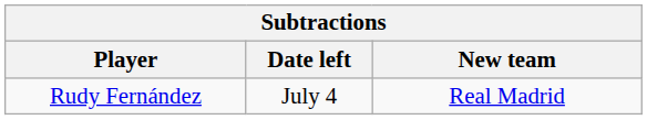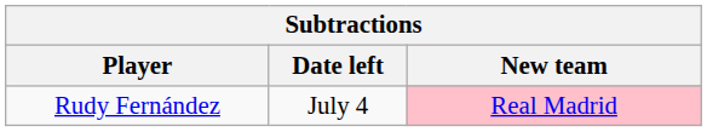 <table class="wikitable" style="text-align:center">
 <tr>
 <th colspan=3>Subtractions</th>
 </tr>
 <tr>
 <th style="width:160px">Player</th>
 <th style="width:80px">Date left</th>
 <th style="width:180px">New team</th>
 </tr>
 <tr>
 <td><a href='#'>Rudy Fernández</a></td>
 <td>July 4</td>
-<td><a href='#'>Real Madrid</a> </td>
+<td style="background: pink;"><a href='#'>Real Madrid</a> </td>
 </tr>
 </table>
